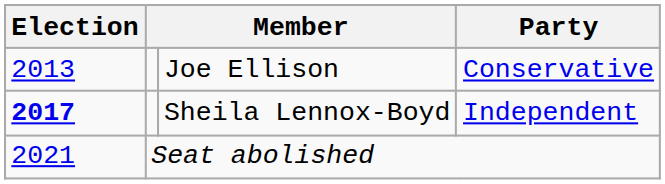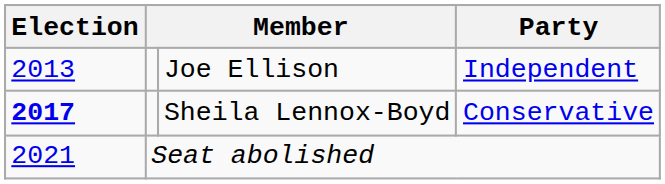 <table class="wikitable">
 <tr>
 <th>Election</th>
 <th colspan="2">Member</th>
 <th>Party</th>
 </tr>
 <tr>
 <td><a href='#'>2013</a></td>
 <td rowspan="1" style="background-color: "></td>
 <td rowspan="1">Joe Ellison</td>
-<td rowspan="1"><a href='#'>Conservative</a></td>
+<td rowspan="1"><a href='#'>Independent</a></td>
 </tr>
 <tr>
 <td><strong><a href='#'>2017</a></strong></td>
 <td rowspan="1" style="background-color: "></td>
 <td rowspan="1">Sheila Lennox-Boyd</td>
-<td rowspan="1"><a href='#'>Independent</a></td>
+<td rowspan="1"><a href='#'>Conservative</a></td>
 </tr>
 <tr>
 <td><a href='#'>2021</a></td>
 <td colspan="3"><em>Seat abolished</em></td>
 </tr>
 </table>
